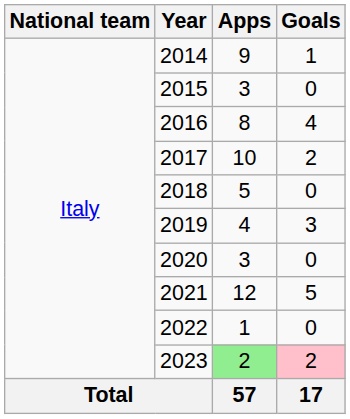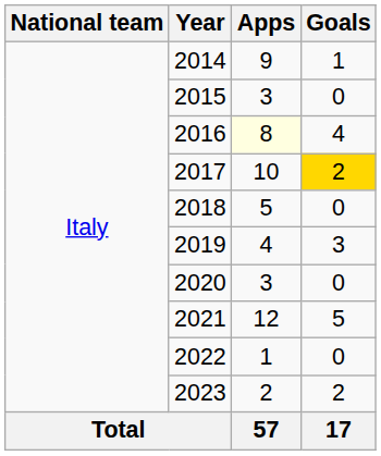 <table class="wikitable" style="text-align:center">
 <tr>
 <th>National team</th>
 <th>Year</th>
 <th>Apps</th>
 <th>Goals</th>
 </tr>
 <tr>
 <td rowspan="10"><a href='#'>Italy</a></td>
 <td>2014</td>
 <td>9</td>
 <td>1</td>
 </tr>
 <tr>
 <td>2015</td>
 <td>3</td>
 <td>0</td>
 </tr>
 <tr>
 <td>2016</td>
-<td>8</td>
+<td style="background: lightyellow;">8</td>
 <td>4</td>
 </tr>
 <tr>
 <td>2017</td>
 <td>10</td>
-<td>2</td>
+<td style="background: gold;">2</td>
 </tr>
 <tr>
 <td>2018</td>
 <td>5</td>
 <td>0</td>
 </tr>
 <tr>
 <td>2019</td>
 <td>4</td>
 <td>3</td>
 </tr>
 <tr>
 <td>2020</td>
 <td>3</td>
 <td>0</td>
 </tr>
 <tr>
 <td>2021</td>
 <td>12</td>
 <td>5</td>
 </tr>
 <tr>
 <td>2022</td>
 <td>1</td>
 <td>0</td>
 </tr>
 <tr>
 <td>2023</td>
-<td style="background: lightgreen;">2</td>
-<td style="background: pink;">2</td>
+<td>2</td>
+<td>2</td>
 </tr>
 <tr>
 <th colspan="2">Total</th>
 <th>57</th>
 <th>17</th>
 </tr>
 </table>
